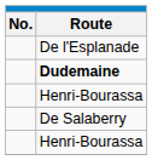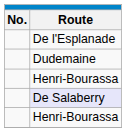 <table align=center class="wikitable">
 <tr>
 <th style="background: #0085CA; font-size:100%; color:#FFFFFF;"colspan="4"><a href='#'></a></th>
 </tr>
 <tr>
 <th>No.</th>
 <th>Route</th>
 </tr>
 <tr>
 <td></td>
 <td>De l'Esplanade</td>
 </tr>
 <tr>
 <td></td>
-<td><strong>Dudemaine</strong></td>
+<td>Dudemaine</td>
 </tr>
 <tr>
 <td {{Avoid wrap> </td>
 <td>Henri-Bourassa</td>
 </tr>
 <tr>
 <td></td>
-<td>De Salaberry</td>
+<td style="background: lavender;">De Salaberry</td>
 </tr>
 <tr>
 <td {{Avoid wrap> </td>
 <td>Henri-Bourassa</td>
 </tr>
 <tr>
 </tr>
 </table>
